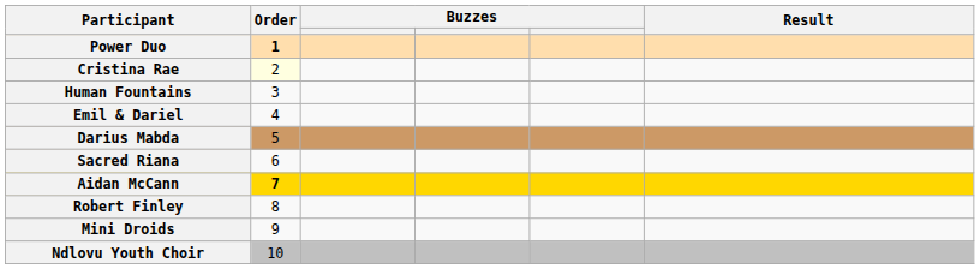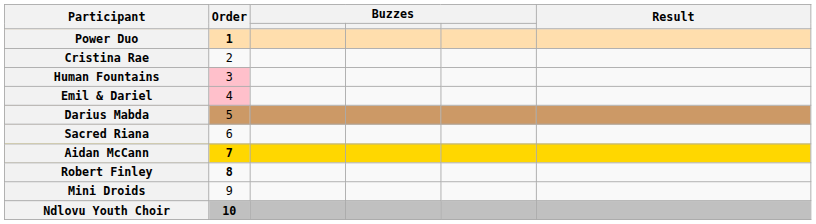 <table class="wikitable plainrowheaders sortable" style="text-align:center;">
 <tr>
 <th scope="col" rowspan="2" class="unsortable" style="width:17em;">Participant</th>
 <th scope="col" rowspan="2" style="width:1em;">Order</th>
 <th scope="col" colspan="3" class="unsortable" style="width:24em;">Buzzes</th>
 <th scope="col" rowspan="2" style="width:23em;">Result</th>
 </tr>
 <tr>
 <th scope="col" class="unsortable" style="width:6em;"></th>
 <th scope="col" class="unsortable" style="width:6em;"></th>
 <th scope="col" class="unsortable" style="width:6em;"></th>
 </tr>
 <tr bgcolor=navajowhite>
 <th scope="row"><strong>Power Duo</strong></th>
 <td><strong>1</strong></td>
 <td style="text-align:center;"></td>
 <td style="text-align:center;"></td>
 <td style="text-align:center;"></td>
 <td><strong></strong></td>
 </tr>
 <tr>
 <th scope="row">Cristina Rae</th>
-<td style="background: lightyellow;">2</td>
+<td>2</td>
 <td style="text-align:center;"></td>
 <td style="text-align:center;"></td>
 <td style="text-align:center;"></td>
 <td></td>
 </tr>
 <tr>
 <th scope="row">Human Fountains</th>
-<td>3</td>
+<td style="background: pink;">3</td>
 <td style="text-align:center;"></td>
 <td style="text-align:center;"></td>
 <td style="text-align:center;"></td>
 <td></td>
 </tr>
 <tr>
 <th scope="row">Emil & Dariel</th>
-<td>4</td>
+<td style="background: pink;">4</td>
 <td style="text-align:center;"></td>
 <td style="text-align:center;"></td>
 <td style="text-align:center;"></td>
 <td></td>
 </tr>
 <tr bgcolor=#c96>
 <th scope="row">Darius Mabda</th>
 <td>5</td>
 <td style="text-align:center;"></td>
 <td style="text-align:center;"></td>
 <td style="text-align:center;"></td>
 <td></td>
 </tr>
 <tr>
 <th scope="row">Sacred Riana</th>
 <td>6</td>
 <td style="text-align:center;"> </td>
 <td style="text-align:center;"></td>
 <td style="text-align:center;"></td>
 <td></td>
 </tr>
 <tr bgcolor=gold>
 <th scope="row"><strong>Aidan McCann</strong></th>
 <td><strong>7</strong></td>
 <td style="text-align:center;"></td>
 <td style="text-align:center;"></td>
 <td style="text-align:center;"></td>
 <td><strong></strong></td>
 </tr>
 <tr>
 <th scope="row">Robert Finley</th>
-<td>8</td>
+<td><strong>8</strong></td>
 <td style="text-align:center;"></td>
 <td style="text-align:center;"></td>
 <td style="text-align:center;"></td>
 <td></td>
 </tr>
 <tr>
 <th scope="row">Mini Droids</th>
 <td>9</td>
 <td style="text-align:center;"></td>
 <td style="text-align:center;"></td>
 <td style="text-align:center;"></td>
 <td></td>
 </tr>
 <tr bgcolor=silver>
 <th scope="row">Ndlovu Youth Choir</th>
-<td>10</td>
+<td><strong>10</strong></td>
 <td style="text-align:center;"></td>
 <td style="text-align:center;"></td>
 <td style="text-align:center;"></td>
 <td></td>
 </tr>
 </table>
